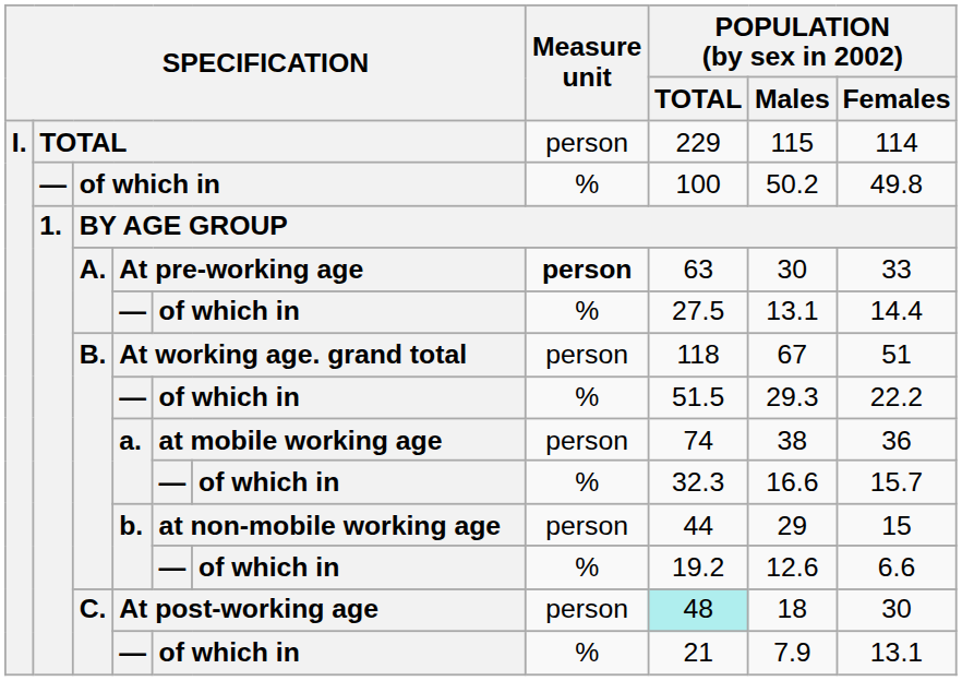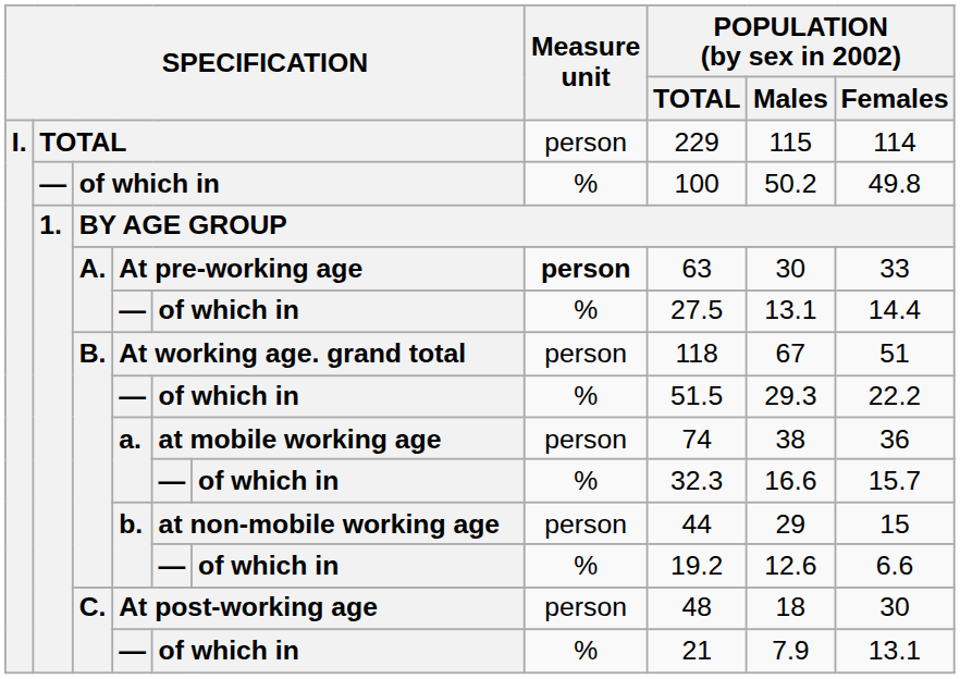 <table class="wikitable" style="font-size:85%; text-align:center">
 <tr>
 <th rowspan="2" colspan="6">SPECIFICATION</th>
 <th rowspan="2">Measure<br> unit</th>
 <th colspan="3" rowspan="1">POPULATION<br> (by sex in 2002)</th>
 </tr>
 <tr>
 <th>TOTAL</th>
 <th>Males</th>
 <th>Females</th>
 </tr>
 <tr>
 <th style="text-align:left" valign="top" rowspan="13">I.</th>
 <th style="text-align:left" colspan="5">TOTAL</th>
 <td>person</td>
 <td>229</td>
 <td>115</td>
 <td>114</td>
 </tr>
 <tr>
 <th style="text-align:left" valign="top">—</th>
 <th style="text-align:left" colspan="4">of which in</th>
 <td>%</td>
 <td>100</td>
 <td>50.2</td>
 <td>49.8</td>
 </tr>
 <tr>
 <th style="text-align:left" valign="top" rowspan="11">1.</th>
 <th style="text-align:left" colspan="19">BY AGE GROUP</th>
 </tr>
 <tr>
 <th style="text-align:left" valign="top" rowspan="2">A.</th>
 <th style="text-align:left" colspan="3">At pre-working age</th>
 <td><strong>person</strong></td>
 <td>63</td>
 <td>30</td>
 <td>33</td>
 </tr>
 <tr>
 <th style="text-align:left" valign="top">—</th>
 <th style="text-align:left" valign="top" colspan="2">of which in</th>
 <td>%</td>
 <td>27.5</td>
 <td>13.1</td>
 <td>14.4</td>
 </tr>
 <tr>
 <th style="text-align:left" valign="top" rowspan="6">B.</th>
 <th style="text-align:left" colspan="3">At working age. grand total</th>
 <td>person</td>
 <td>118</td>
 <td>67</td>
 <td>51</td>
 </tr>
 <tr>
 <th style="text-align:left" valign="top">—</th>
 <th style="text-align:left" valign="top" colspan="2">of which in</th>
 <td>%</td>
 <td>51.5</td>
 <td>29.3</td>
 <td>22.2</td>
 </tr>
 <tr>
 <th style="text-align:left" valign="top" rowspan="2">a.</th>
 <th style="text-align:left" colspan="2">at mobile working age</th>
 <td>person</td>
 <td>74</td>
 <td>38</td>
 <td>36</td>
 </tr>
 <tr>
 <th style="text-align:left" valign="top">—</th>
 <th style="text-align:left" valign="top" colspan="1">of which in                        </th>
 <td>%</td>
 <td>32.3</td>
 <td>16.6</td>
 <td>15.7</td>
 </tr>
 <tr>
 <th style="text-align:left" valign="top" rowspan="2">b.</th>
 <th style="text-align:left" colspan="2">at non-mobile working age</th>
 <td>person</td>
 <td>44</td>
 <td>29</td>
 <td>15</td>
 </tr>
 <tr>
 <th style="text-align:left" valign="top">—</th>
 <th style="text-align:left" valign="top" colspan="1">of which in                        </th>
 <td>%</td>
 <td>19.2</td>
 <td>12.6</td>
 <td>6.6</td>
 </tr>
 <tr>
 <th style="text-align:left" valign="top" rowspan="2">C.</th>
 <th style="text-align:left" colspan="3">At post-working age</th>
 <td>person</td>
-<td style="background: paleturquoise;">48</td>
+<td>48</td>
 <td>18</td>
 <td>30</td>
 </tr>
 <tr>
 <th style="text-align:left" valign="top">—</th>
 <th style="text-align:left" valign="top" colspan="2">of which in</th>
 <td>%</td>
 <td>21</td>
 <td>7.9</td>
 <td>13.1</td>
 </tr>
 </table>
